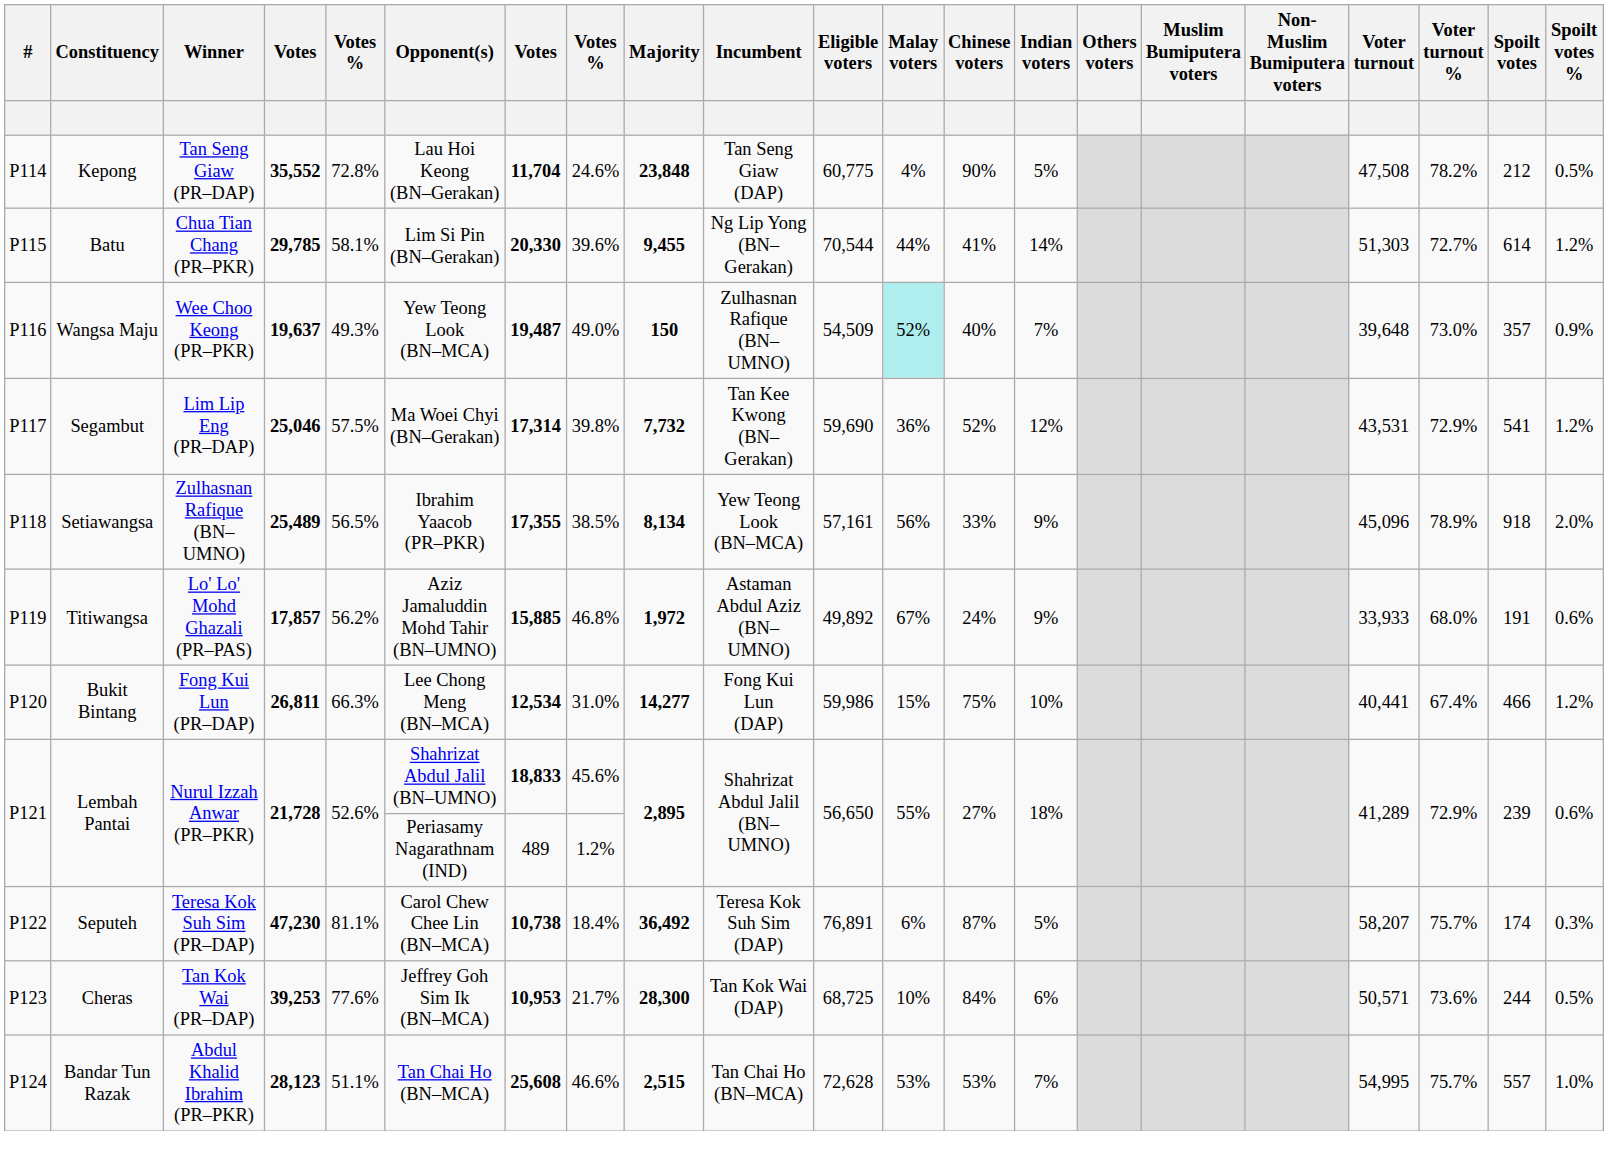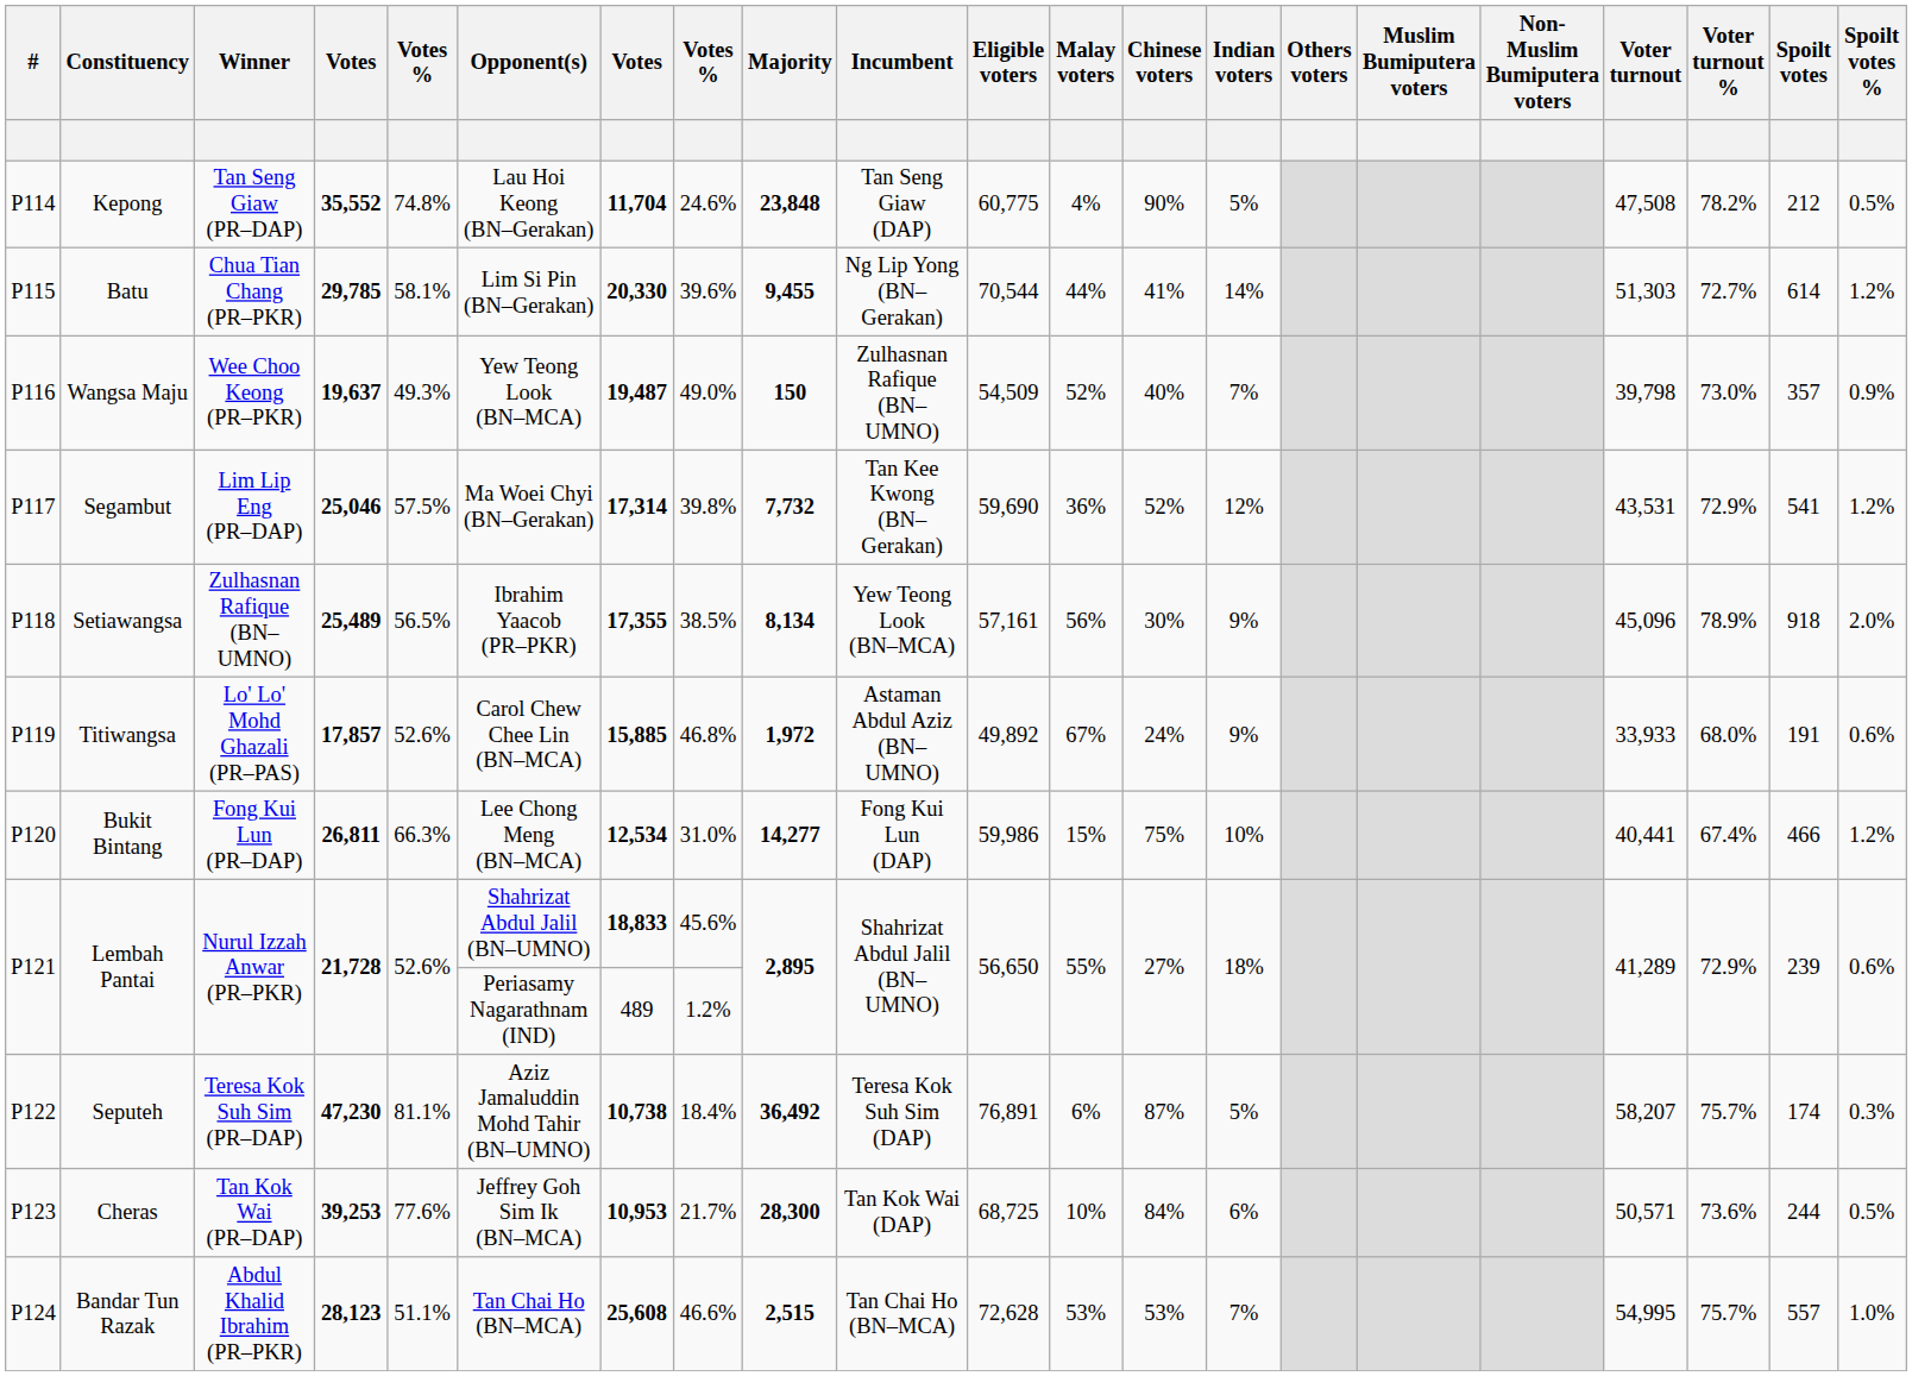 <table class="wikitable sortable" style="text-align:center; font-size:90%">
 <tr>
 <th width="30">#</th>
 <th width="60">Constituency</th>
 <th width="150">Winner</th>
 <th width="50">Votes</th>
 <th width="50">Votes %</th>
 <th width="150">Opponent(s)</th>
 <th width="50">Votes</th>
 <th width="50">Votes %</th>
 <th width="50">Majority</th>
 <th width="150">Incumbent</th>
 <th width="50">Eligible voters</th>
 <th width="50">Malay voters</th>
 <th width="50">Chinese voters</th>
 <th width="50">Indian voters</th>
 <th width="50">Others voters</th>
 <th width="50">Muslim Bumiputera voters</th>
 <th width="50">Non-Muslim Bumiputera voters</th>
 <th width="50">Voter turnout</th>
 <th width="50">Voter turnout %</th>
 <th width="50">Spoilt votes</th>
 <th width="50">Spoilt votes %</th>
 </tr>
 <tr>
 <th height="20"></th>
 <th></th>
 <th></th>
 <th></th>
 <th></th>
 <th></th>
 <th></th>
 <th></th>
 <th></th>
 <th></th>
 <th></th>
 <th></th>
 <th></th>
 <th></th>
 <th></th>
 <th></th>
 <th></th>
 <th></th>
 <th></th>
 <th></th>
 <th></th>
 </tr>
 <tr>
 <td>P114</td>
 <td>Kepong</td>
 <td><a href='#'>Tan Seng Giaw</a><br>(PR–DAP)</td>
 <td><strong>35,552</strong></td>
-<td>72.8%</td>
+<td>74.8%</td>
 <td>Lau Hoi Keong<br>(BN–Gerakan)</td>
 <td><strong>11,704</strong></td>
 <td>24.6%</td>
 <td><strong>23,848</strong></td>
 <td>Tan Seng Giaw<br>(DAP)</td>
 <td>60,775</td>
 <td>4%</td>
 <td>90%</td>
 <td>5%</td>
 <td bgcolor="dcdcdc"></td>
 <td bgcolor="dcdcdc"></td>
 <td bgcolor="dcdcdc"></td>
 <td>47,508</td>
 <td>78.2%</td>
 <td>212</td>
 <td>0.5%</td>
 </tr>
 <tr>
 <td>P115</td>
 <td>Batu</td>
 <td><a href='#'>Chua Tian Chang</a><br>(PR–PKR)</td>
 <td><strong>29,785</strong></td>
 <td>58.1%</td>
 <td>Lim Si Pin<br>(BN–Gerakan)</td>
 <td><strong>20,330</strong></td>
 <td>39.6%</td>
 <td><strong>9,455</strong></td>
 <td>Ng Lip Yong<br>(BN–Gerakan)</td>
 <td>70,544</td>
 <td>44%</td>
 <td>41%</td>
 <td>14%</td>
 <td bgcolor="dcdcdc"></td>
 <td bgcolor="dcdcdc"></td>
 <td bgcolor="dcdcdc"></td>
 <td>51,303</td>
 <td>72.7%</td>
 <td>614</td>
 <td>1.2%</td>
 </tr>
 <tr>
 <td>P116</td>
 <td>Wangsa Maju</td>
 <td><a href='#'>Wee Choo Keong</a><br>(PR–PKR)</td>
 <td><strong>19,637</strong></td>
 <td>49.3%</td>
 <td>Yew Teong Look<br>(BN–MCA)</td>
 <td><strong>19,487</strong></td>
 <td>49.0%</td>
 <td><strong>150</strong></td>
 <td>Zulhasnan Rafique<br>(BN–UMNO)</td>
 <td>54,509</td>
-<td style="background: paleturquoise;">52%</td>
+<td>52%</td>
 <td>40%</td>
 <td>7%</td>
 <td bgcolor="dcdcdc"></td>
 <td bgcolor="dcdcdc"></td>
 <td bgcolor="dcdcdc"></td>
-<td>39,648</td>
+<td>39,798</td>
 <td>73.0%</td>
 <td>357</td>
 <td>0.9%</td>
 </tr>
 <tr>
 <td>P117</td>
 <td>Segambut</td>
 <td><a href='#'>Lim Lip Eng</a><br>(PR–DAP)</td>
 <td><strong>25,046</strong></td>
 <td>57.5%</td>
 <td>Ma Woei Chyi<br>(BN–Gerakan)</td>
 <td><strong>17,314</strong></td>
 <td>39.8%</td>
 <td><strong>7,732</strong></td>
 <td>Tan Kee Kwong<br>(BN–Gerakan)</td>
 <td>59,690</td>
 <td>36%</td>
 <td>52%</td>
 <td>12%</td>
 <td bgcolor="dcdcdc"></td>
 <td bgcolor="dcdcdc"></td>
 <td bgcolor="dcdcdc"></td>
 <td>43,531</td>
 <td>72.9%</td>
 <td>541</td>
 <td>1.2%</td>
 </tr>
 <tr>
 <td>P118</td>
 <td>Setiawangsa</td>
 <td><a href='#'>Zulhasnan Rafique</a><br>(BN–UMNO)</td>
 <td><strong>25,489</strong></td>
 <td>56.5%</td>
 <td>Ibrahim Yaacob<br>(PR–PKR)</td>
 <td><strong>17,355</strong></td>
 <td>38.5%</td>
 <td><strong>8,134</strong></td>
 <td>Yew Teong Look<br>(BN–MCA)</td>
 <td>57,161</td>
 <td>56%</td>
-<td>33%</td>
+<td>30%</td>
 <td>9%</td>
 <td bgcolor="dcdcdc"></td>
 <td bgcolor="dcdcdc"></td>
 <td bgcolor="dcdcdc"></td>
 <td>45,096</td>
 <td>78.9%</td>
 <td>918</td>
 <td>2.0%</td>
 </tr>
 <tr>
 <td>P119</td>
 <td>Titiwangsa</td>
 <td><a href='#'>Lo' Lo' Mohd Ghazali</a><br>(PR–PAS)</td>
 <td><strong>17,857</strong></td>
-<td>56.2%</td>
-<td>Aziz Jamaluddin Mohd Tahir<br>(BN–UMNO)</td>
+<td>52.6%</td>
+<td>Carol Chew Chee Lin<br>(BN–MCA)</td>
 <td><strong>15,885</strong></td>
 <td>46.8%</td>
 <td><strong>1,972</strong></td>
 <td>Astaman Abdul Aziz<br>(BN–UMNO)</td>
 <td>49,892</td>
 <td>67%</td>
 <td>24%</td>
 <td>9%</td>
 <td bgcolor="dcdcdc"></td>
 <td bgcolor="dcdcdc"></td>
 <td bgcolor="dcdcdc"></td>
 <td>33,933</td>
 <td>68.0%</td>
 <td>191</td>
 <td>0.6%</td>
 </tr>
 <tr>
 <td>P120</td>
 <td>Bukit Bintang</td>
 <td><a href='#'>Fong Kui Lun</a><br>(PR–DAP)</td>
 <td><strong>26,811</strong></td>
 <td>66.3%</td>
 <td>Lee Chong Meng<br>(BN–MCA)</td>
 <td><strong>12,534</strong></td>
 <td>31.0%</td>
 <td><strong>14,277</strong></td>
 <td>Fong Kui Lun<br>(DAP)</td>
 <td>59,986</td>
 <td>15%</td>
 <td>75%</td>
 <td>10%</td>
 <td bgcolor="dcdcdc"></td>
 <td bgcolor="dcdcdc"></td>
 <td bgcolor="dcdcdc"></td>
 <td>40,441</td>
 <td>67.4%</td>
 <td>466</td>
 <td>1.2%</td>
 </tr>
 <tr>
 <td rowspan="2">P121</td>
 <td rowspan="2">Lembah Pantai</td>
 <td rowspan="2"><a href='#'>Nurul Izzah Anwar</a><br>(PR–PKR)</td>
 <td rowspan="2"><strong>21,728</strong></td>
 <td rowspan="2">52.6%</td>
 <td><a href='#'>Shahrizat Abdul Jalil</a><br>(BN–UMNO)</td>
 <td><strong>18,833</strong></td>
 <td>45.6%</td>
 <td rowspan="2"><strong>2,895</strong></td>
 <td rowspan="2">Shahrizat Abdul Jalil<br>(BN–UMNO)</td>
 <td rowspan="2">56,650</td>
 <td rowspan="2">55%</td>
 <td rowspan="2">27%</td>
 <td rowspan="2">18%</td>
 <td rowspan="2" bgcolor="dcdcdc"></td>
 <td rowspan="2" bgcolor="dcdcdc"></td>
 <td rowspan="2" bgcolor="dcdcdc"></td>
 <td rowspan="2">41,289</td>
 <td rowspan="2">72.9%</td>
 <td rowspan="2">239</td>
 <td rowspan="2">0.6%</td>
 </tr>
 <tr>
 <td>Periasamy Nagarathnam<br>(IND)</td>
 <td>489</td>
 <td>1.2%</td>
 </tr>
 <tr>
 <td>P122</td>
 <td>Seputeh</td>
 <td><a href='#'>Teresa Kok Suh Sim</a><br>(PR–DAP)</td>
 <td><strong>47,230</strong></td>
 <td>81.1%</td>
-<td>Carol Chew Chee Lin<br>(BN–MCA)</td>
+<td>Aziz Jamaluddin Mohd Tahir<br>(BN–UMNO)</td>
 <td><strong>10,738</strong></td>
 <td>18.4%</td>
 <td><strong>36,492</strong></td>
 <td>Teresa Kok Suh Sim<br>(DAP)</td>
 <td>76,891</td>
 <td>6%</td>
 <td>87%</td>
 <td>5%</td>
 <td bgcolor="dcdcdc"></td>
 <td bgcolor="dcdcdc"></td>
 <td bgcolor="dcdcdc"></td>
 <td>58,207</td>
 <td>75.7%</td>
 <td>174</td>
 <td>0.3%</td>
 </tr>
 <tr>
 <td>P123</td>
 <td>Cheras</td>
 <td><a href='#'>Tan Kok Wai</a><br>(PR–DAP)</td>
 <td><strong>39,253</strong></td>
 <td>77.6%</td>
 <td>Jeffrey Goh Sim Ik<br>(BN–MCA)</td>
 <td><strong>10,953</strong></td>
 <td>21.7%</td>
 <td><strong>28,300</strong></td>
 <td>Tan Kok Wai<br>(DAP)</td>
 <td>68,725</td>
 <td>10%</td>
 <td>84%</td>
 <td>6%</td>
 <td bgcolor="dcdcdc"></td>
 <td bgcolor="dcdcdc"></td>
 <td bgcolor="dcdcdc"></td>
 <td>50,571</td>
 <td>73.6%</td>
 <td>244</td>
 <td>0.5%</td>
 </tr>
 <tr>
 <td>P124</td>
 <td>Bandar Tun Razak</td>
 <td><a href='#'>Abdul Khalid Ibrahim</a><br>(PR–PKR)</td>
 <td><strong>28,123</strong></td>
 <td>51.1%</td>
 <td><a href='#'>Tan Chai Ho</a><br>(BN–MCA)</td>
 <td><strong>25,608</strong></td>
 <td>46.6%</td>
 <td><strong>2,515</strong></td>
 <td>Tan Chai Ho<br>(BN–MCA)</td>
 <td>72,628</td>
 <td>53%</td>
 <td>53%</td>
 <td>7%</td>
 <td bgcolor="dcdcdc"></td>
 <td bgcolor="dcdcdc"></td>
 <td bgcolor="dcdcdc"></td>
 <td>54,995</td>
 <td>75.7%</td>
 <td>557</td>
 <td>1.0%</td>
 </tr>
 </table>
